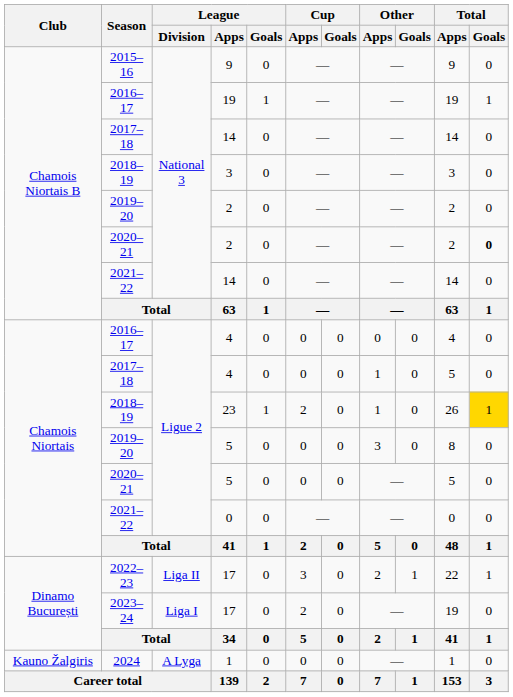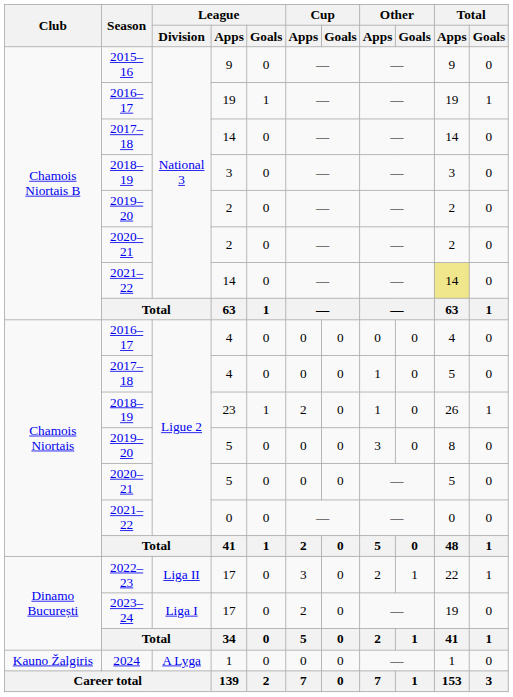 <table class="wikitable" style="text-align:center">
 <tr>
 <th rowspan="2">Club</th>
 <th rowspan="2">Season</th>
 <th colspan="3">League</th>
 <th colspan="2">Cup</th>
 <th colspan="2">Other</th>
 <th colspan="2">Total</th>
 </tr>
 <tr>
 <th>Division</th>
 <th>Apps</th>
 <th>Goals</th>
 <th>Apps</th>
 <th>Goals</th>
 <th>Apps</th>
 <th>Goals</th>
 <th>Apps</th>
 <th>Goals</th>
 </tr>
 <tr>
 <td rowspan="8"><a href='#'>Chamois Niortais B</a></td>
 <td><a href='#'>2015–16</a></td>
 <td rowspan="7"><a href='#'>National 3</a></td>
 <td>9</td>
 <td>0</td>
 <td colspan="2">—</td>
 <td colspan="2">—</td>
 <td>9</td>
 <td>0</td>
 </tr>
 <tr>
 <td><a href='#'>2016–17</a></td>
 <td>19</td>
 <td>1</td>
 <td colspan="2">—</td>
 <td colspan="2">—</td>
 <td>19</td>
 <td>1</td>
 </tr>
 <tr>
 <td><a href='#'>2017–18</a></td>
 <td>14</td>
 <td>0</td>
 <td colspan="2">—</td>
 <td colspan="2">—</td>
 <td>14</td>
 <td>0</td>
 </tr>
 <tr>
 <td><a href='#'>2018–19</a></td>
 <td>3</td>
 <td>0</td>
 <td colspan="2">—</td>
 <td colspan="2">—</td>
 <td>3</td>
 <td>0</td>
 </tr>
 <tr>
 <td><a href='#'>2019–20</a></td>
 <td>2</td>
 <td>0</td>
 <td colspan="2">—</td>
 <td colspan="2">—</td>
 <td>2</td>
 <td>0</td>
 </tr>
 <tr>
 <td><a href='#'>2020–21</a></td>
 <td>2</td>
 <td>0</td>
 <td colspan="2">—</td>
 <td colspan="2">—</td>
 <td>2</td>
-<td><strong>0</strong></td>
+<td>0</td>
 </tr>
 <tr>
 <td><a href='#'>2021–22</a></td>
 <td>14</td>
 <td>0</td>
 <td colspan="2">—</td>
 <td colspan="2">—</td>
-<td>14</td>
+<td style="background: khaki;">14</td>
 <td>0</td>
 </tr>
 <tr>
 <th colspan="2">Total</th>
 <th>63</th>
 <th>1</th>
 <th colspan="2">—</th>
 <th colspan="2">—</th>
 <th>63</th>
 <th>1</th>
 </tr>
 <tr>
 <td rowspan=7><a href='#'>Chamois Niortais</a></td>
 <td><a href='#'>2016–17</a></td>
 <td rowspan=6><a href='#'>Ligue 2</a></td>
 <td>4</td>
 <td>0</td>
 <td>0</td>
 <td>0</td>
 <td>0</td>
 <td>0</td>
 <td>4</td>
 <td>0</td>
 </tr>
 <tr>
 <td><a href='#'>2017–18</a></td>
 <td>4</td>
 <td>0</td>
 <td>0</td>
 <td>0</td>
 <td>1</td>
 <td>0</td>
 <td>5</td>
 <td>0</td>
 </tr>
 <tr>
 <td><a href='#'>2018–19</a></td>
 <td>23</td>
 <td>1</td>
 <td>2</td>
 <td>0</td>
 <td>1</td>
 <td>0</td>
 <td>26</td>
-<td style="background: gold;">1</td>
+<td>1</td>
 </tr>
 <tr>
 <td><a href='#'>2019–20</a></td>
 <td>5</td>
 <td>0</td>
 <td>0</td>
 <td>0</td>
 <td>3</td>
 <td>0</td>
 <td>8</td>
 <td>0</td>
 </tr>
 <tr>
 <td><a href='#'>2020–21</a></td>
 <td>5</td>
 <td>0</td>
 <td>0</td>
 <td>0</td>
 <td colspan="2">—</td>
 <td>5</td>
 <td>0</td>
 </tr>
 <tr>
 <td><a href='#'>2021–22</a></td>
 <td>0</td>
 <td>0</td>
 <td colspan="2">—</td>
 <td colspan="2">—</td>
 <td>0</td>
 <td>0</td>
 </tr>
 <tr>
 <th colspan="2">Total</th>
 <th>41</th>
 <th>1</th>
 <th>2</th>
 <th>0</th>
 <th>5</th>
 <th>0</th>
 <th>48</th>
 <th>1</th>
 </tr>
 <tr>
 <td rowspan="3"><a href='#'>Dinamo București</a></td>
 <td><a href='#'>2022–23</a></td>
 <td><a href='#'>Liga II</a></td>
 <td>17</td>
 <td>0</td>
 <td>3</td>
 <td>0</td>
 <td>2</td>
 <td>1</td>
 <td>22</td>
 <td>1</td>
 </tr>
 <tr>
 <td><a href='#'>2023–24</a></td>
 <td><a href='#'>Liga I</a></td>
 <td>17</td>
 <td>0</td>
 <td>2</td>
 <td>0</td>
 <td colspan="2">—</td>
 <td>19</td>
 <td>0</td>
 </tr>
 <tr>
 <th colspan="2">Total</th>
 <th>34</th>
 <th>0</th>
 <th>5</th>
 <th>0</th>
 <th>2</th>
 <th>1</th>
 <th>41</th>
 <th>1</th>
 </tr>
 <tr>
 <td rowspan="1"><a href='#'>Kauno Žalgiris</a></td>
 <td><a href='#'>2024</a></td>
 <td><a href='#'>A Lyga</a></td>
 <td>1</td>
 <td>0</td>
 <td>0</td>
 <td>0</td>
 <td colspan="2">—</td>
 <td>1</td>
 <td>0</td>
 </tr>
 <tr>
 <th colspan="3">Career total</th>
 <th>139</th>
 <th>2</th>
 <th>7</th>
 <th>0</th>
 <th>7</th>
 <th>1</th>
 <th>153</th>
 <th>3</th>
 </tr>
 </table>
